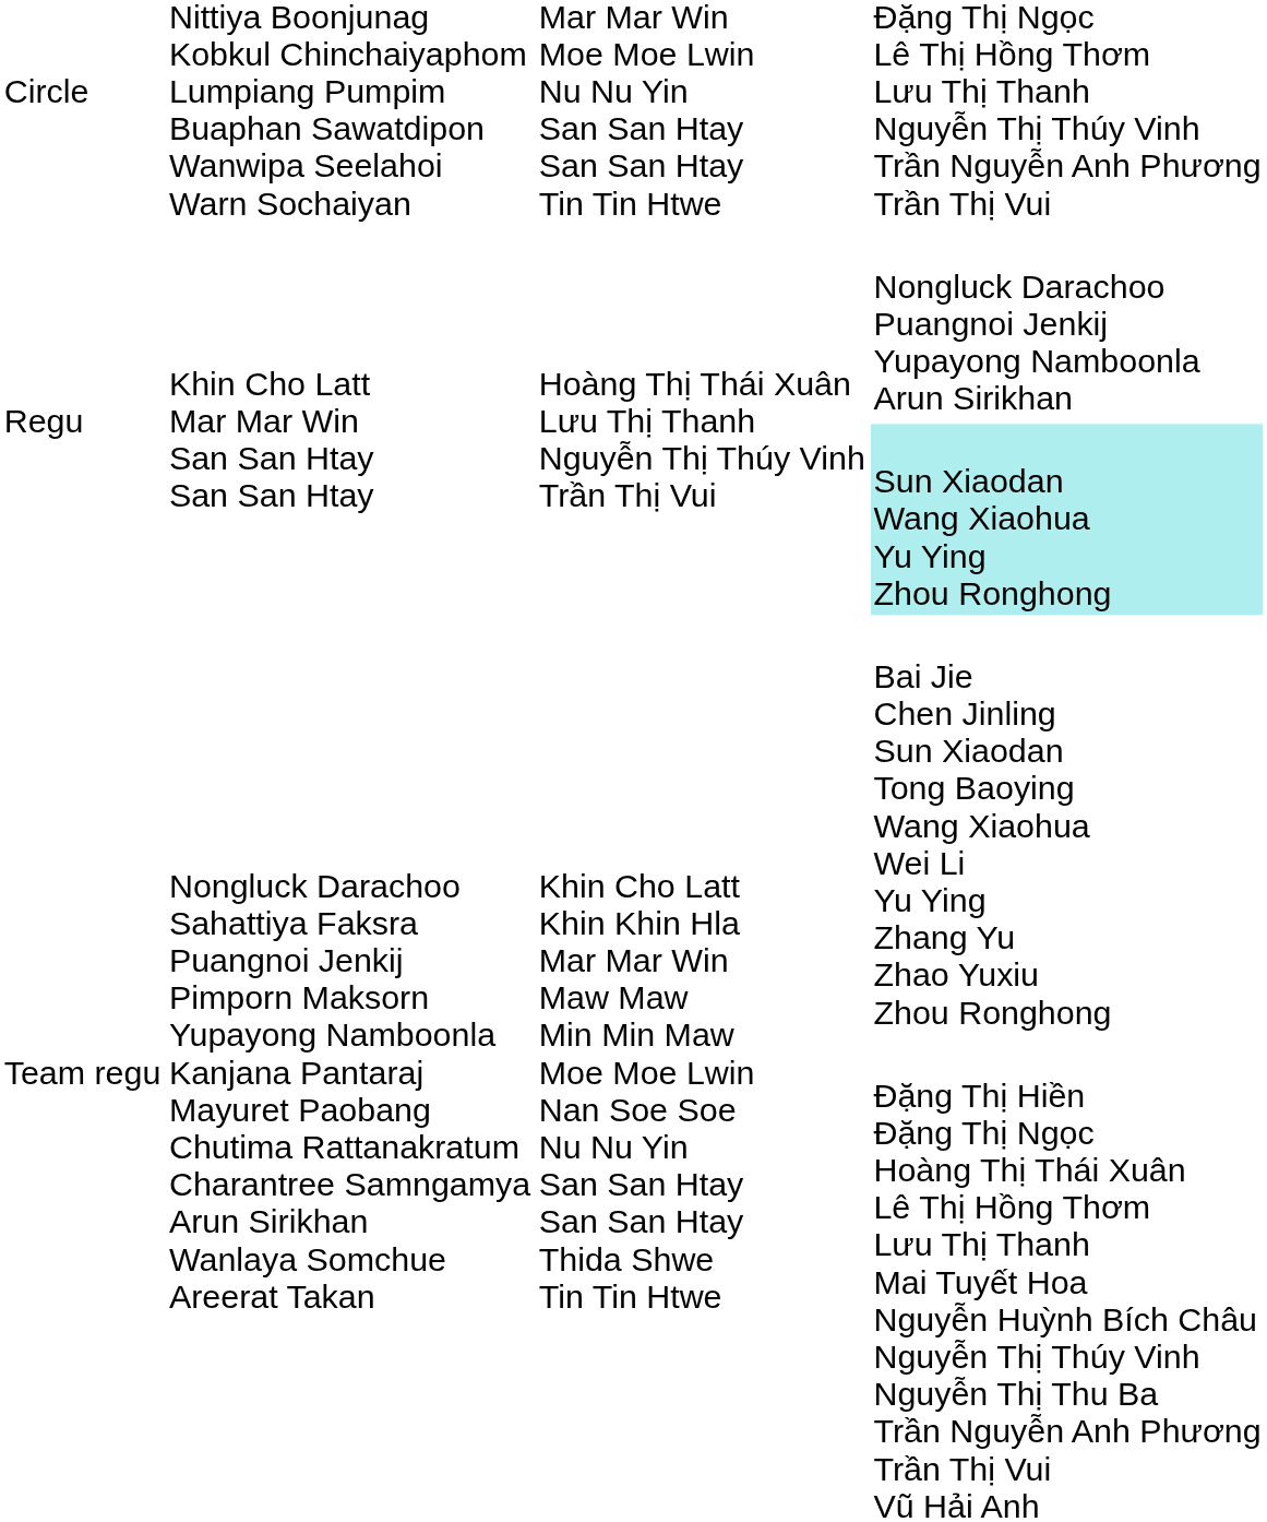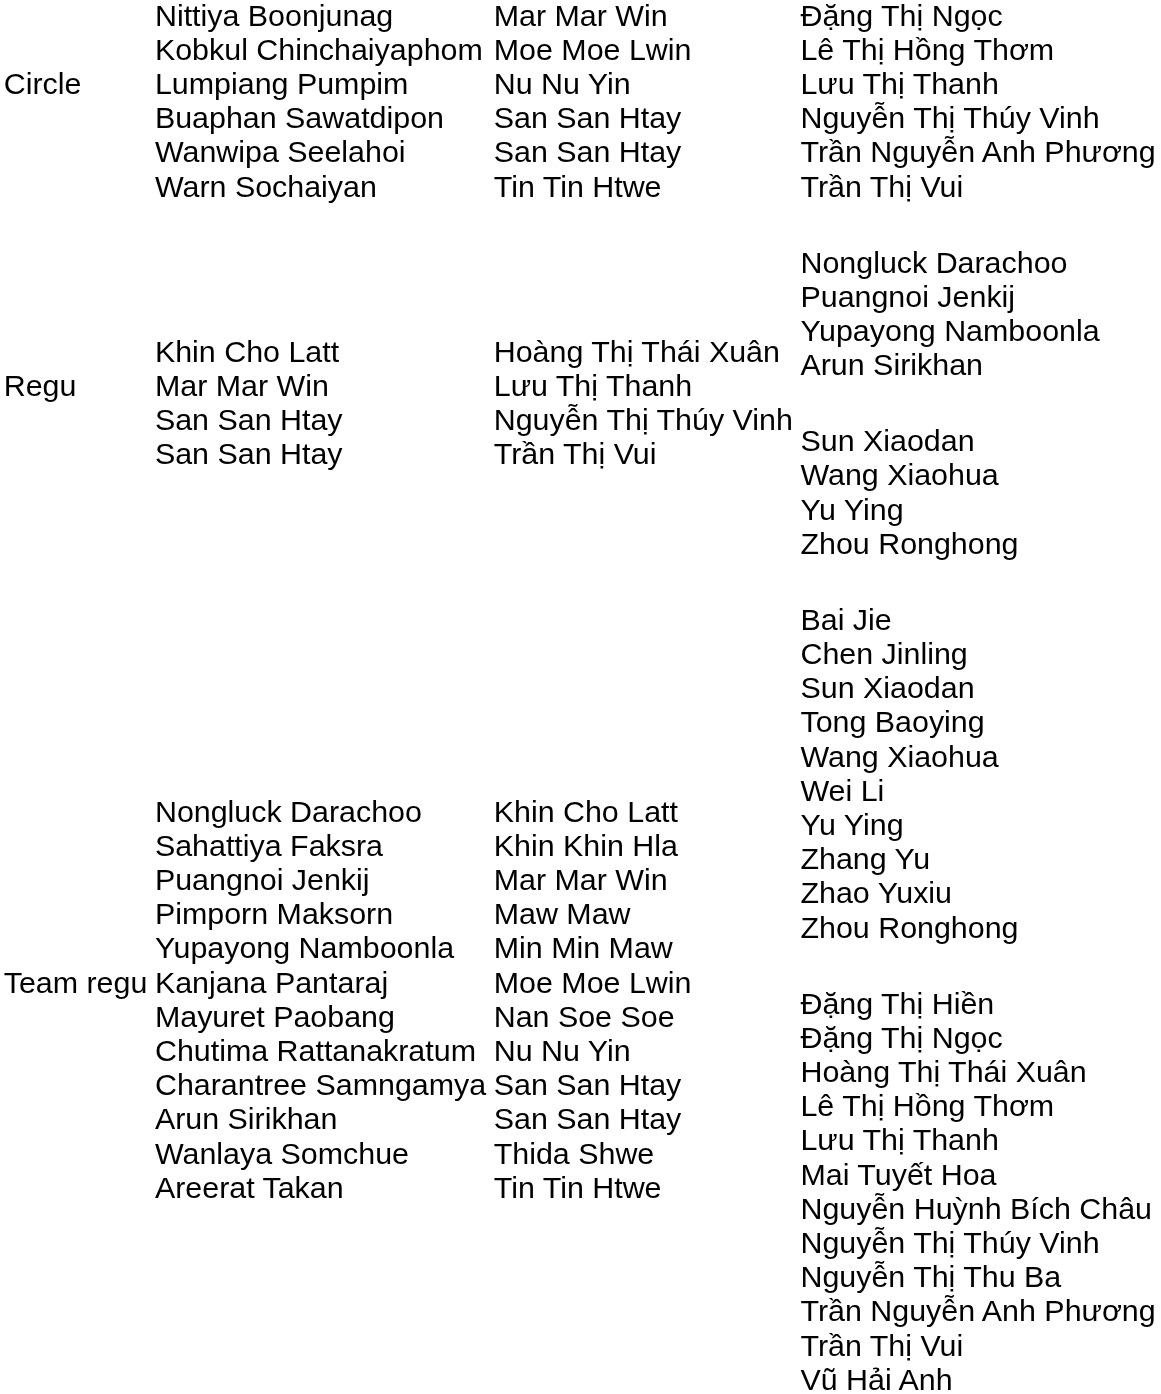 <table>
 <tr>
 <td>Circle<br></td>
 <td><br>Nittiya Boonjunag<br>Kobkul Chinchaiyaphom<br>Lumpiang Pumpim<br>Buaphan Sawatdipon<br>Wanwipa Seelahoi<br>Warn Sochaiyan</td>
 <td><br>Mar Mar Win<br>Moe Moe Lwin<br>Nu Nu Yin<br>San San Htay<br>San San Htay<br>Tin Tin Htwe</td>
 <td><br>Đặng Thị Ngọc<br>Lê Thị Hồng Thơm<br>Lưu Thị Thanh<br>Nguyễn Thị Thúy Vinh<br>Trần Nguyễn Anh Phương<br>Trần Thị Vui</td>
 </tr>
 <tr>
 <td rowspan=2>Regu<br></td>
 <td rowspan=2><br>Khin Cho Latt<br>Mar Mar Win<br>San San Htay<br>San San Htay</td>
 <td rowspan=2><br>Hoàng Thị Thái Xuân<br>Lưu Thị Thanh<br>Nguyễn Thị Thúy Vinh<br>Trần Thị Vui</td>
 <td><br>Nongluck Darachoo<br>Puangnoi Jenkij<br>Yupayong Namboonla<br>Arun Sirikhan</td>
 </tr>
 <tr>
-<td style="background: paleturquoise;"><br>Sun Xiaodan<br>Wang Xiaohua<br>Yu Ying<br>Zhou Ronghong</td>
+<td><br>Sun Xiaodan<br>Wang Xiaohua<br>Yu Ying<br>Zhou Ronghong</td>
 </tr>
 <tr>
 <td rowspan=2>Team regu<br></td>
 <td rowspan=2><br>Nongluck Darachoo<br>Sahattiya Faksra<br>Puangnoi Jenkij<br>Pimporn Maksorn<br>Yupayong Namboonla<br>Kanjana Pantaraj<br>Mayuret Paobang<br>Chutima Rattanakratum<br>Charantree Samngamya<br>Arun Sirikhan<br>Wanlaya Somchue<br>Areerat Takan</td>
 <td rowspan=2><br>Khin Cho Latt<br>Khin Khin Hla<br>Mar Mar Win<br>Maw Maw<br>Min Min Maw<br>Moe Moe Lwin<br>Nan Soe Soe<br>Nu Nu Yin<br>San San Htay<br>San San Htay<br>Thida Shwe<br>Tin Tin Htwe</td>
 <td><br>Bai Jie<br>Chen Jinling<br>Sun Xiaodan<br>Tong Baoying<br>Wang Xiaohua<br>Wei Li<br>Yu Ying<br>Zhang Yu<br>Zhao Yuxiu<br>Zhou Ronghong</td>
 </tr>
 <tr>
 <td><br>Đặng Thị Hiền<br>Đặng Thị Ngọc<br>Hoàng Thị Thái Xuân<br>Lê Thị Hồng Thơm<br>Lưu Thị Thanh<br>Mai Tuyết Hoa<br>Nguyễn Huỳnh Bích Châu<br>Nguyễn Thị Thúy Vinh<br>Nguyễn Thị Thu Ba<br>Trần Nguyễn Anh Phương<br>Trần Thị Vui<br>Vũ Hải Anh</td>
 </tr>
 </table>
